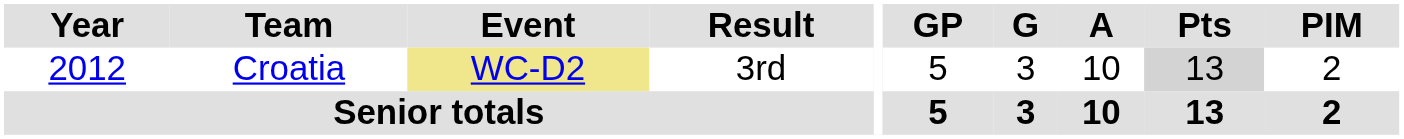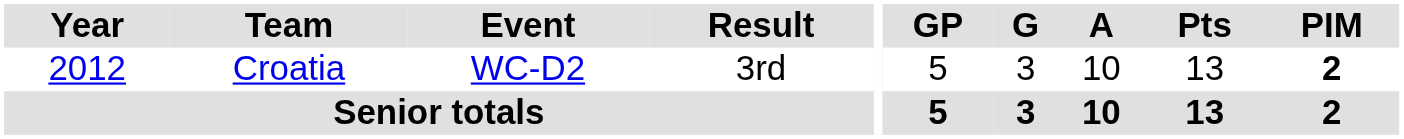 <table border="0" cellpadding="1" cellspacing="0" ID="Table3" style="text-align:center; width:40em">
 <tr ALIGN="center" bgcolor="#e0e0e0">
 <th>Year</th>
 <th>Team</th>
 <th>Event</th>
 <th>Result</th>
 <th rowspan="99" bgcolor="#ffffff"></th>
 <th>GP</th>
 <th>G</th>
 <th>A</th>
 <th>Pts</th>
 <th>PIM</th>
 </tr>
 <tr>
 <td><a href='#'>2012</a></td>
 <td><a href='#'>Croatia</a></td>
-<td style="background: khaki;"><a href='#'>WC-D2</a></td>
+<td><a href='#'>WC-D2</a></td>
 <td>3rd</td>
 <td>5</td>
 <td>3</td>
 <td>10</td>
-<td style="background: lightgrey;">13</td>
-<td>2</td>
+<td>13</td>
+<td><strong>2</strong></td>
 </tr>
 <tr ALIGN="center" bgcolor="#e0e0e0">
 <th colspan=4>Senior totals</th>
 <th>5</th>
 <th>3</th>
 <th>10</th>
 <th>13</th>
 <th>2</th>
 </tr>
 </table>
